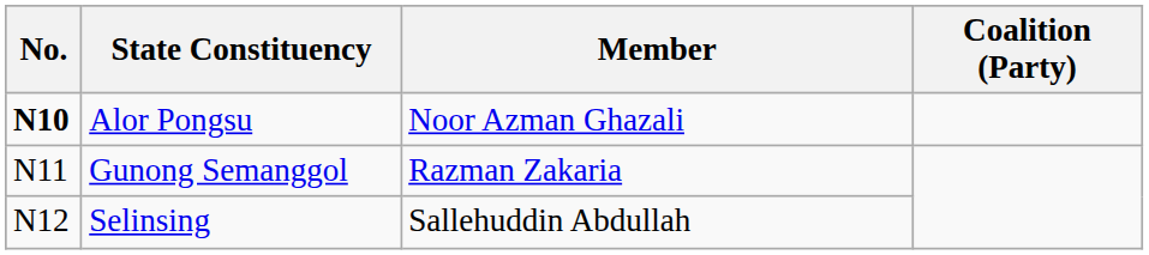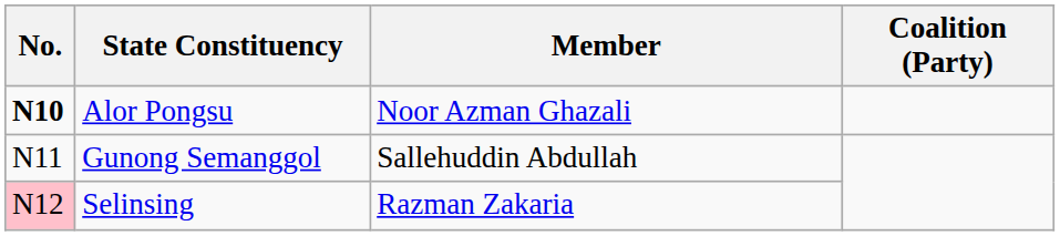 <table class="wikitable">
 <tr>
 <th width="30">No.</th>
 <th width="150">State Constituency</th>
 <th width="245">Member</th>
 <th width="105">Coalition (Party)</th>
 </tr>
 <tr>
 <td><strong>N10</strong></td>
 <td><a href='#'>Alor Pongsu</a></td>
 <td><a href='#'>Noor Azman Ghazali</a></td>
 <td></td>
 </tr>
 <tr>
 <td>N11</td>
 <td><a href='#'>Gunong Semanggol</a></td>
-<td><a href='#'>Razman Zakaria</a></td>
+<td>Sallehuddin Abdullah</td>
 <td rowspan=2></td>
 </tr>
 <tr>
-<td>N12</td>
+<td style="background: pink;">N12</td>
 <td><a href='#'>Selinsing</a></td>
-<td>Sallehuddin Abdullah</td>
+<td><a href='#'>Razman Zakaria</a></td>
 </tr>
 </table>
